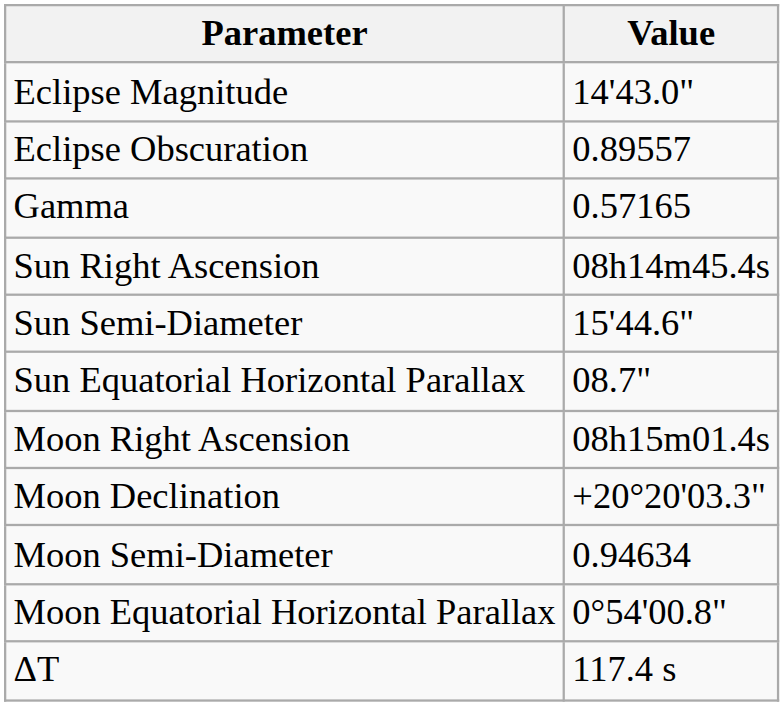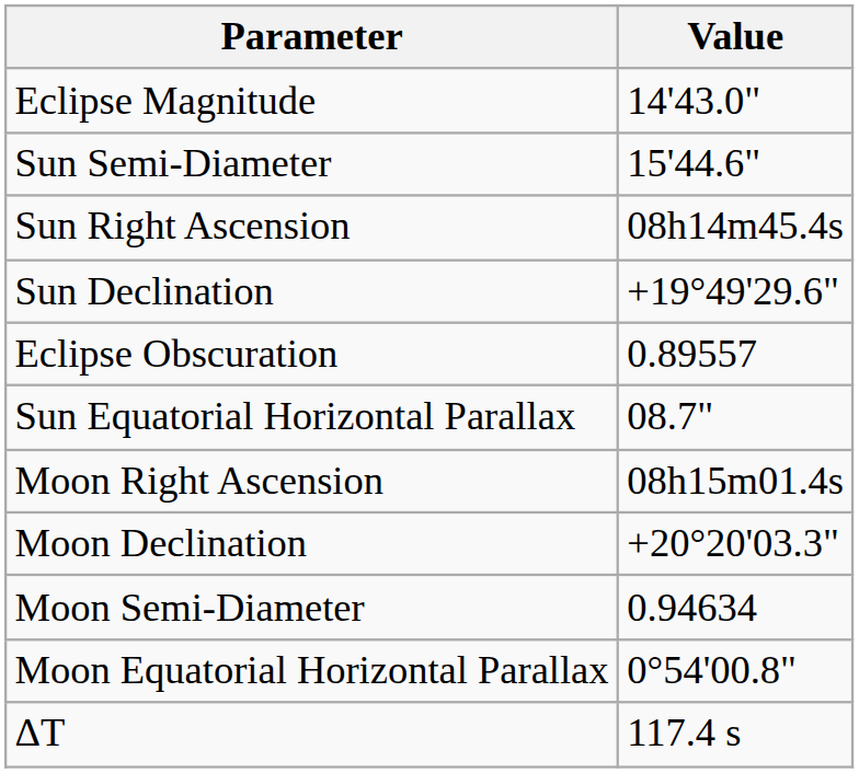 <table class="wikitable">
 <tr>
 <th>Parameter</th>
 <th>Value</th>
 </tr>
 <tr>
 <td>Eclipse Magnitude</td>
 <td>14'43.0"</td>
 </tr>
 <tr>
-<td>Eclipse Obscuration</td>
-<td>0.89557</td>
-</tr>
-<tr>
-<td>Gamma</td>
-<td>0.57165</td>
+<td>Sun Semi-Diameter</td>
+<td>15'44.6"</td>
 </tr>
 <tr>
 <td>Sun Right Ascension</td>
 <td>08h14m45.4s</td>
 </tr>
 <tr>
-<td>Sun Semi-Diameter</td>
-<td>15'44.6"</td>
+<td>Sun Declination</td>
+<td>+19°49'29.6"</td>
+</tr>
+<tr>
+<td>Eclipse Obscuration</td>
+<td>0.89557</td>
 </tr>
 <tr>
 <td>Sun Equatorial Horizontal Parallax</td>
 <td>08.7"</td>
 </tr>
 <tr>
 <td>Moon Right Ascension</td>
 <td>08h15m01.4s</td>
 </tr>
 <tr>
 <td>Moon Declination</td>
 <td>+20°20'03.3"</td>
 </tr>
 <tr>
 <td>Moon Semi-Diameter</td>
 <td>0.94634</td>
 </tr>
 <tr>
 <td>Moon Equatorial Horizontal Parallax</td>
 <td>0°54'00.8"</td>
 </tr>
 <tr>
 <td>ΔT</td>
 <td>117.4 s</td>
 </tr>
 </table>
